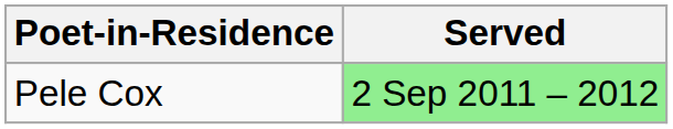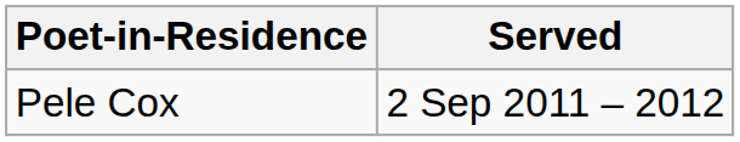 <table class="wikitable">
 <tr>
 <th>Poet-in-Residence</th>
 <th>Served</th>
 </tr>
 <tr>
 <td>Pele Cox</td>
-<td style="background: lightgreen;">2 Sep 2011 – 2012</td>
+<td>2 Sep 2011 – 2012</td>
 </tr>
 </table>
